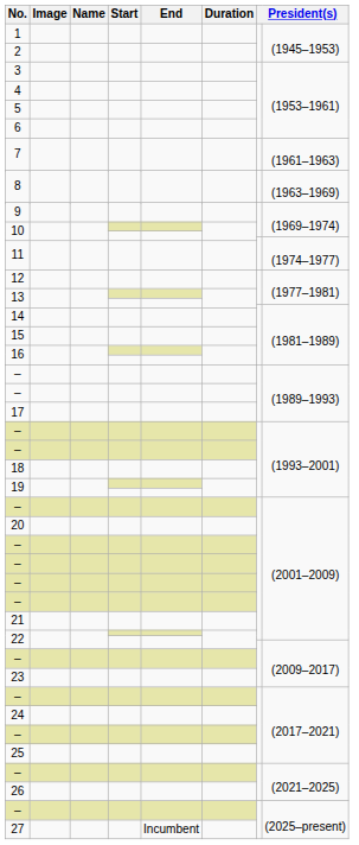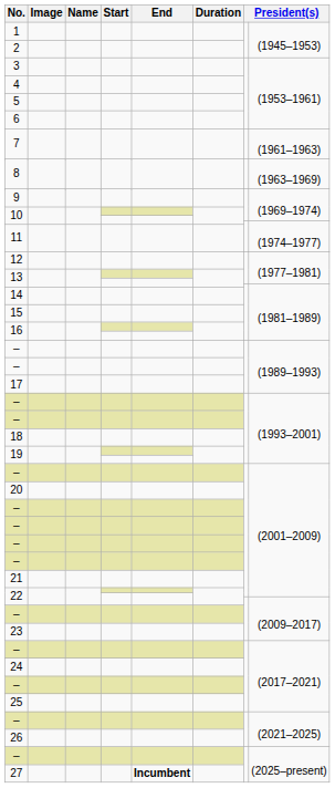 <table class="wikitable sortable" style="text-align:center">
 <tr>
 <th>No.</th>
 <th class=unsortable>Image</th>
 <th>Name</th>
 <th>Start</th>
 <th>End</th>
 <th>Duration</th>
 <th colspan=2><a href='#'>President(s)</a></th>
 </tr>
 <tr>
 <td>1</td>
 <td></td>
 <td></td>
 <td></td>
 <td></td>
 <td></td>
 <td rowspan=2 style="background: "></td>
 <td rowspan=2><br>(1945–1953)</td>
 </tr>
 <tr>
 <td>2</td>
 <td></td>
 <td></td>
 <td></td>
 <td></td>
 <td></td>
 </tr>
 <tr>
 <td>3</td>
 <td></td>
 <td></td>
 <td></td>
 <td></td>
 <td></td>
 <td rowspan=4 style="background: "></td>
 <td rowspan=4><br>(1953–1961)</td>
 </tr>
 <tr>
 <td>4</td>
 <td></td>
 <td></td>
 <td></td>
 <td></td>
 <td></td>
 </tr>
 <tr>
 <td>5</td>
 <td></td>
 <td></td>
 <td></td>
 <td></td>
 <td></td>
 </tr>
 <tr>
 <td>6</td>
 <td></td>
 <td></td>
 <td></td>
 <td></td>
 <td></td>
 </tr>
 <tr>
 <td rowspan=2>7</td>
 <td rowspan=2></td>
 <td rowspan=2></td>
 <td rowspan=2></td>
 <td rowspan=2></td>
 <td rowspan=2></td>
 <td style="background: "></td>
 <td><br>(1961–1963)</td>
 </tr>
 <tr>
 <td rowspan=2 style="background: "></td>
 <td rowspan=2><br>(1963–1969)</td>
 </tr>
 <tr>
 <td rowspan=2>8</td>
 <td rowspan=2></td>
 <td rowspan=2></td>
 <td rowspan=2></td>
 <td rowspan=2></td>
 <td rowspan=2></td>
 </tr>
 <tr>
 <td rowspan=4 style="background: "></td>
 <td rowspan=4><br>(1969–1974)</td>
 </tr>
 <tr>
 <td>9</td>
 <td></td>
 <td></td>
 <td></td>
 <td></td>
 <td></td>
 </tr>
 <tr>
 <td rowspan=3>10</td>
 <td rowspan=3></td>
 <td rowspan=3></td>
 <td style="background:#e6e6aa;"></td>
 <td style="background:#e6e6aa;"></td>
 <td rowspan=3></td>
 </tr>
 <tr>
 <td rowspan=2></td>
 <td rowspan=2></td>
 </tr>
 <tr>
 <td rowspan=2 style="background: "></td>
 <td rowspan=2><br>(1974–1977)</td>
 </tr>
 <tr>
 <td rowspan=2>11</td>
 <td rowspan=2></td>
 <td rowspan=2></td>
 <td rowspan=2></td>
 <td rowspan=2></td>
 <td rowspan=2></td>
 </tr>
 <tr>
 <td rowspan=4 style="background: "></td>
 <td rowspan=4><br>(1977–1981)</td>
 </tr>
 <tr>
 <td>12</td>
 <td></td>
 <td></td>
 <td></td>
 <td></td>
 <td></td>
 </tr>
 <tr>
 <td rowspan=3>13</td>
 <td rowspan=3></td>
 <td rowspan=3></td>
 <td style="background:#e6e6aa;"></td>
 <td style="background:#e6e6aa;"></td>
 <td rowspan=3></td>
 </tr>
 <tr>
 <td rowspan=2></td>
 <td rowspan=2></td>
 </tr>
 <tr>
 <td rowspan=6 style="background: "></td>
 <td rowspan=6><br>(1981–1989)</td>
 </tr>
 <tr>
 <td>14</td>
 <td></td>
 <td></td>
 <td></td>
 <td></td>
 <td></td>
 </tr>
 <tr>
 <td>15</td>
 <td></td>
 <td></td>
 <td></td>
 <td></td>
 <td></td>
 </tr>
 <tr>
 <td rowspan=2>16</td>
 <td rowspan=2></td>
 <td rowspan=2></td>
 <td style="background:#e6e6aa;"></td>
 <td style="background:#e6e6aa;"></td>
 <td rowspan=2></td>
 </tr>
 <tr>
 <td></td>
 <td></td>
 </tr>
 <tr>
 <td rowspan=2>–</td>
 <td rowspan=2></td>
 <td rowspan=2></td>
 <td rowspan=2></td>
 <td rowspan=2></td>
 <td rowspan=2></td>
 </tr>
 <tr>
 <td rowspan=3 style="background: "></td>
 <td rowspan=3><br>(1989–1993)</td>
 </tr>
 <tr>
 <td>–</td>
 <td></td>
 <td></td>
 <td></td>
 <td></td>
 <td></td>
 </tr>
 <tr>
 <td>17</td>
 <td></td>
 <td></td>
 <td></td>
 <td></td>
 <td></td>
 </tr>
 <tr>
 <td style="background:#e6e6aa;">–</td>
 <td style="background:#e6e6aa;"></td>
 <td style="background:#e6e6aa;"><br></td>
 <td style="background:#e6e6aa;"></td>
 <td style="background:#e6e6aa;"></td>
 <td style="background:#e6e6aa;"></td>
 <td rowspan=5 style="background: "></td>
 <td rowspan=5><br>(1993–2001)</td>
 </tr>
 <tr style="background:#e6e6aa;">
 <td>–</td>
 <td></td>
 <td><br></td>
 <td></td>
 <td></td>
 <td></td>
 </tr>
 <tr>
 <td>18</td>
 <td></td>
 <td></td>
 <td></td>
 <td></td>
 <td></td>
 </tr>
 <tr>
 <td rowspan=2>19</td>
 <td rowspan=2></td>
 <td rowspan=2></td>
 <td style="background:#e6e6aa;"></td>
 <td style="background:#e6e6aa;"></td>
 <td rowspan=2></td>
 </tr>
 <tr>
 <td></td>
 <td></td>
 </tr>
 <tr>
 <td style="background:#e6e6aa;">–</td>
 <td style="background:#e6e6aa;"></td>
 <td style="background:#e6e6aa;"><br></td>
 <td style="background:#e6e6aa;"></td>
 <td style="background:#e6e6aa;"></td>
 <td style="background:#e6e6aa;"></td>
 <td rowspan=9 style="background: "></td>
 <td rowspan=9><br>(2001–2009)</td>
 </tr>
 <tr>
 <td>20</td>
 <td></td>
 <td></td>
 <td></td>
 <td></td>
 <td></td>
 </tr>
 <tr style="background:#e6e6aa;">
 <td>–</td>
 <td></td>
 <td><br></td>
 <td></td>
 <td></td>
 <td></td>
 </tr>
 <tr style="background:#e6e6aa;">
 <td>–</td>
 <td></td>
 <td><br></td>
 <td></td>
 <td></td>
 <td></td>
 </tr>
 <tr style="background:#e6e6aa;">
 <td>–</td>
 <td></td>
 <td><br></td>
 <td></td>
 <td></td>
 <td></td>
 </tr>
 <tr style="background:#e6e6aa;">
 <td>–</td>
 <td></td>
 <td><br></td>
 <td></td>
 <td></td>
 <td></td>
 </tr>
 <tr>
 <td>21</td>
 <td></td>
 <td></td>
 <td></td>
 <td></td>
 <td></td>
 </tr>
 <tr>
 <td rowspan=3>22</td>
 <td rowspan=3></td>
 <td rowspan=3></td>
 <td style="background:#e6e6aa;"></td>
 <td style="background:#e6e6aa;"></td>
 <td rowspan=3></td>
 </tr>
 <tr>
 <td rowspan=2></td>
 <td rowspan=2></td>
 </tr>
 <tr>
 <td rowspan=3 style="background: "></td>
 <td rowspan=3><br>(2009–2017)</td>
 </tr>
 <tr style="background:#e6e6aa;">
 <td>–</td>
 <td></td>
 <td><br></td>
 <td></td>
 <td></td>
 <td></td>
 </tr>
 <tr>
 <td>23</td>
 <td></td>
 <td></td>
 <td></td>
 <td></td>
 <td></td>
 </tr>
 <tr>
 <td style="background:#e6e6aa;">–</td>
 <td style="background:#e6e6aa;"></td>
 <td style="background:#e6e6aa;"><br></td>
 <td style="background:#e6e6aa;"></td>
 <td style="background:#e6e6aa;"></td>
 <td style="background:#e6e6aa;"></td>
 <td rowspan=4 style="background: "></td>
 <td rowspan=4><br>(2017–2021)</td>
 </tr>
 <tr>
 <td>24</td>
 <td></td>
 <td></td>
 <td></td>
 <td></td>
 <td></td>
 </tr>
 <tr style="background:#e6e6aa;">
 <td>–</td>
 <td></td>
 <td><br></td>
 <td></td>
 <td></td>
 <td></td>
 </tr>
 <tr>
 <td>25</td>
 <td></td>
 <td></td>
 <td></td>
 <td></td>
 <td></td>
 </tr>
 <tr>
 <td style="background:#e6e6aa;">–</td>
 <td style="background:#e6e6aa;"></td>
 <td style="background:#e6e6aa;"><br></td>
 <td style="background:#e6e6aa;"></td>
 <td style="background:#e6e6aa;"></td>
 <td style="background:#e6e6aa;"></td>
 <td rowspan=2 style="background: "></td>
 <td rowspan=2><br>(2021–2025)</td>
 </tr>
 <tr>
 <td>26</td>
 <td></td>
 <td></td>
 <td></td>
 <td></td>
 <td></td>
 </tr>
 <tr>
 <td style="background:#e6e6aa;">–</td>
 <td style="background:#e6e6aa;"></td>
 <td style="background:#e6e6aa;"><br></td>
 <td style="background:#e6e6aa;"></td>
 <td style="background:#e6e6aa;"></td>
 <td style="background:#e6e6aa;"></td>
 <td rowspan=2 style="background: "></td>
 <td rowspan=2><br>(2025–present)</td>
 </tr>
 <tr>
 <td>27</td>
 <td></td>
 <td></td>
 <td></td>
-<td>Incumbent</td>
+<td><strong>Incumbent</strong></td>
 <td></td>
 </tr>
 </table>
